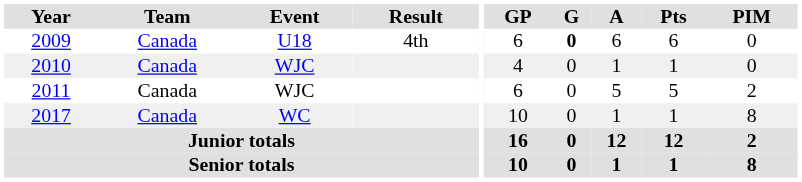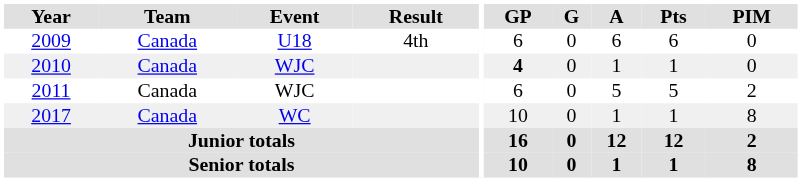 <table border="0" cellpadding="1" cellspacing="0" ID="Table3" style="text-align:center; width:40em">
 <tr ALIGN="center" bgcolor="#e0e0e0">
 <th>Year</th>
 <th>Team</th>
 <th>Event</th>
 <th>Result</th>
 <th rowspan="99" bgcolor="#ffffff"></th>
 <th>GP</th>
 <th>G</th>
 <th>A</th>
 <th>Pts</th>
 <th>PIM</th>
 </tr>
 <tr>
 <td><a href='#'>2009</a></td>
 <td><a href='#'>Canada</a></td>
 <td><a href='#'>U18</a></td>
 <td>4th</td>
 <td>6</td>
-<td><strong>0</strong></td>
+<td>0</td>
 <td>6</td>
 <td>6</td>
 <td>0</td>
 </tr>
 <tr bgcolor="#f0f0f0">
 <td><a href='#'>2010</a></td>
 <td><a href='#'>Canada</a></td>
 <td><a href='#'>WJC</a></td>
 <td></td>
-<td>4</td>
+<td><strong>4</strong></td>
 <td>0</td>
 <td>1</td>
 <td>1</td>
 <td>0</td>
 </tr>
 <tr>
 <td><a href='#'>2011</a></td>
 <td>Canada</td>
 <td>WJC</td>
 <td></td>
 <td>6</td>
 <td>0</td>
 <td>5</td>
 <td>5</td>
 <td>2</td>
 </tr>
 <tr bgcolor="#f0f0f0">
 <td><a href='#'>2017</a></td>
 <td><a href='#'>Canada</a></td>
 <td><a href='#'>WC</a></td>
 <td></td>
 <td>10</td>
 <td>0</td>
 <td>1</td>
 <td>1</td>
 <td>8</td>
 </tr>
 <tr bgcolor="#e0e0e0">
 <th colspan=4>Junior totals</th>
 <th>16</th>
 <th>0</th>
 <th>12</th>
 <th>12</th>
 <th>2</th>
 </tr>
 <tr bgcolor="#e0e0e0">
 <th colspan=4>Senior totals</th>
 <th>10</th>
 <th>0</th>
 <th>1</th>
 <th>1</th>
 <th>8</th>
 </tr>
 </table>
